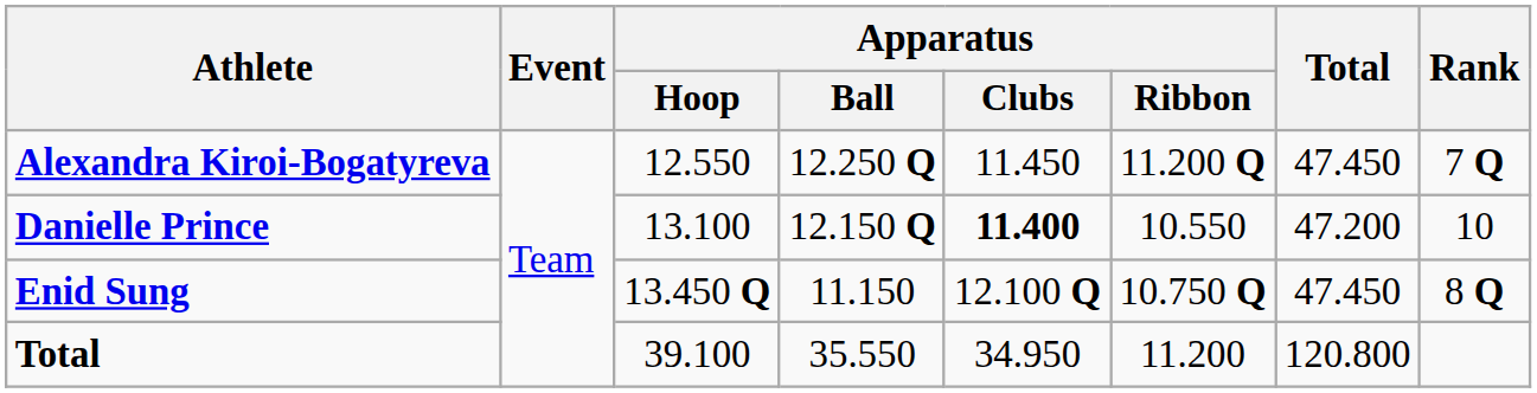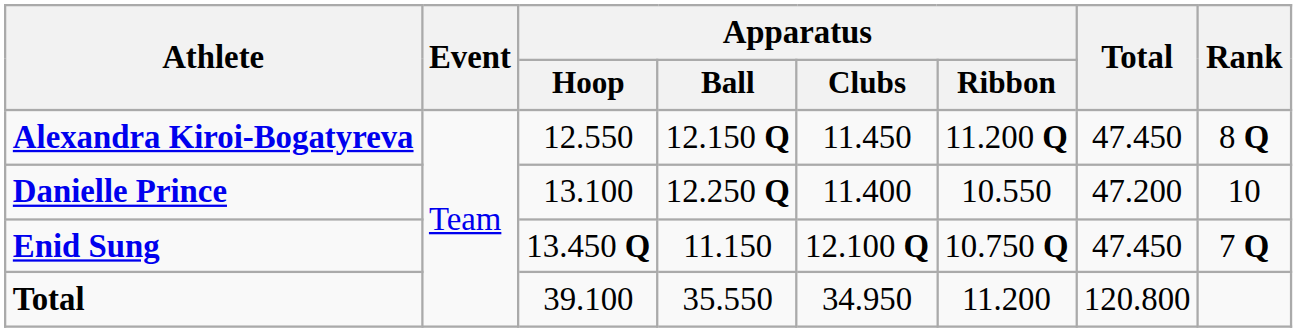 <table class=wikitable style=font-size:90%;text-align:center>
 <tr>
 <th rowspan=2>Athlete</th>
 <th rowspan=2>Event</th>
 <th colspan=4>Apparatus</th>
 <th rowspan=2>Total</th>
 <th rowspan=2>Rank</th>
 </tr>
 <tr style=font-size:95%>
 <th>Hoop</th>
 <th>Ball</th>
 <th>Clubs</th>
 <th>Ribbon</th>
 </tr>
 <tr>
 <td align=left><strong><a href='#'>Alexandra Kiroi-Bogatyreva</a></strong></td>
 <td align=left rowspan=4><a href='#'>Team</a></td>
 <td>12.550</td>
-<td>12.250 <strong>Q</strong></td>
+<td>12.150 <strong>Q</strong></td>
 <td>11.450</td>
 <td>11.200 <strong>Q</strong></td>
 <td>47.450</td>
-<td>7 <strong>Q</strong></td>
+<td>8 <strong>Q</strong></td>
 </tr>
 <tr>
 <td align=left><strong><a href='#'>Danielle Prince</a></strong></td>
 <td>13.100</td>
-<td>12.150 <strong>Q</strong></td>
-<td><strong>11.400</strong></td>
+<td>12.250 <strong>Q</strong></td>
+<td>11.400</td>
 <td>10.550</td>
 <td>47.200</td>
 <td>10</td>
 </tr>
 <tr>
 <td align=left><strong><a href='#'>Enid Sung</a></strong></td>
 <td>13.450 <strong>Q</strong></td>
 <td>11.150</td>
 <td>12.100 <strong>Q</strong></td>
 <td>10.750 <strong>Q</strong></td>
 <td>47.450</td>
-<td>8 <strong>Q</strong></td>
+<td>7 <strong>Q</strong></td>
 </tr>
 <tr>
 <td align=left><strong>Total</strong></td>
 <td>39.100</td>
 <td>35.550</td>
 <td>34.950</td>
 <td>11.200</td>
 <td>120.800</td>
 <td></td>
 </tr>
 </table>
